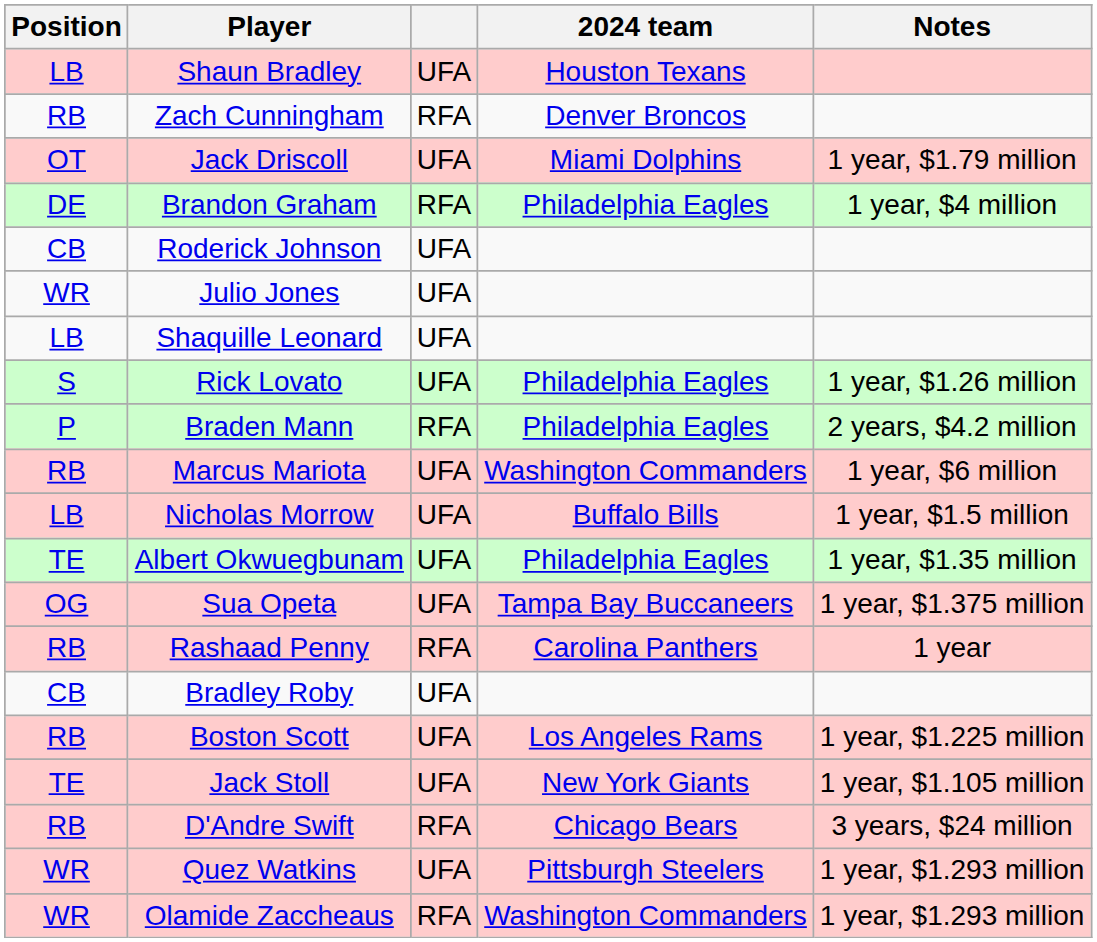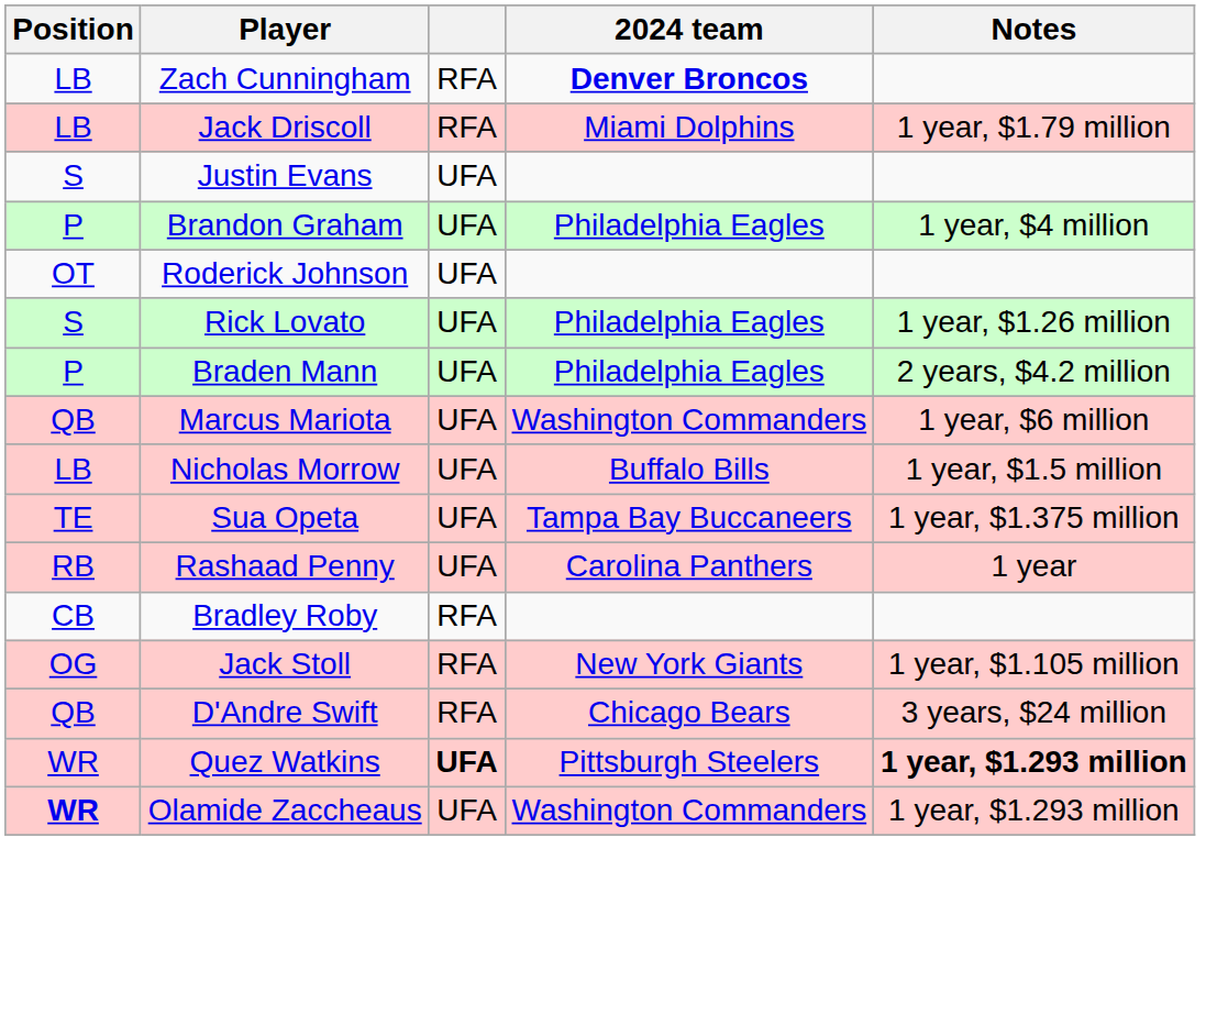 <table class="wikitable" style="text-align:center">
 <tr>
 <th>Position</th>
 <th>Player</th>
 <th></th>
 <th>2024 team</th>
 <th>Notes</th>
 </tr>
-<tr style="background:#fcc">
+<tr>
 <td><a href='#'>LB</a></td>
-<td><a href='#'>Shaun Bradley</a></td>
-<td>UFA</td>
-<td><a href='#'>Houston Texans</a></td>
-<td></td>
-</tr>
-<tr>
-<td><a href='#'>RB</a></td>
 <td><a href='#'>Zach Cunningham</a></td>
 <td>RFA</td>
-<td><a href='#'>Denver Broncos</a></td>
+<td><strong><a href='#'>Denver Broncos</a></strong></td>
 <td></td>
 </tr>
 <tr style="background:#fcc">
-<td><a href='#'>OT</a></td>
+<td><a href='#'>LB</a></td>
 <td><a href='#'>Jack Driscoll</a></td>
-<td>UFA</td>
+<td>RFA</td>
 <td><a href='#'>Miami Dolphins</a></td>
 <td>1 year, $1.79 million</td>
 </tr>
+<tr>
+<td><a href='#'>S</a></td>
+<td><a href='#'>Justin Evans</a></td>
+<td>UFA</td>
+<td></td>
+<td></td>
+</tr>
 <tr style="background:#cfc">
-<td><a href='#'>DE</a></td>
+<td><a href='#'>P</a></td>
 <td><a href='#'>Brandon Graham</a></td>
-<td>RFA</td>
+<td>UFA</td>
 <td><a href='#'>Philadelphia Eagles</a></td>
 <td>1 year, $4 million</td>
 </tr>
 <tr>
-<td><a href='#'>CB</a></td>
+<td><a href='#'>OT</a></td>
 <td><a href='#'>Roderick Johnson</a></td>
-<td>UFA</td>
-<td></td>
-<td></td>
-</tr>
-<tr>
-<td><a href='#'>WR</a></td>
-<td><a href='#'>Julio Jones</a></td>
-<td>UFA</td>
-<td></td>
-<td></td>
-</tr>
-<tr>
-<td><a href='#'>LB</a></td>
-<td><a href='#'>Shaquille Leonard</a></td>
 <td>UFA</td>
 <td></td>
 <td></td>
 </tr>
 <tr style="background:#cfc">
 <td><a href='#'>S</a></td>
 <td><a href='#'>Rick Lovato</a></td>
 <td>UFA</td>
 <td><a href='#'>Philadelphia Eagles</a></td>
 <td>1 year, $1.26 million</td>
 </tr>
 <tr style="background:#cfc">
 <td><a href='#'>P</a></td>
 <td><a href='#'>Braden Mann</a></td>
-<td>RFA</td>
+<td>UFA</td>
 <td><a href='#'>Philadelphia Eagles</a></td>
 <td>2 years, $4.2 million</td>
 </tr>
 <tr style="background:#fcc">
-<td><a href='#'>RB</a></td>
+<td><a href='#'>QB</a></td>
 <td><a href='#'>Marcus Mariota</a></td>
 <td>UFA</td>
 <td><a href='#'>Washington Commanders</a></td>
 <td>1 year, $6 million</td>
 </tr>
 <tr style="background:#fcc">
 <td><a href='#'>LB</a></td>
 <td><a href='#'>Nicholas Morrow</a></td>
 <td>UFA</td>
 <td><a href='#'>Buffalo Bills</a></td>
 <td>1 year, $1.5 million</td>
 </tr>
-<tr style="background:#cfc">
+<tr style="background:#fcc">
 <td><a href='#'>TE</a></td>
-<td><a href='#'>Albert Okwuegbunam</a></td>
-<td>UFA</td>
-<td><a href='#'>Philadelphia Eagles</a></td>
-<td>1 year, $1.35 million</td>
-</tr>
-<tr style="background:#fcc">
-<td><a href='#'>OG</a></td>
 <td><a href='#'>Sua Opeta</a></td>
 <td>UFA</td>
 <td><a href='#'>Tampa Bay Buccaneers</a></td>
 <td>1 year, $1.375 million</td>
 </tr>
 <tr style="background:#fcc">
 <td><a href='#'>RB</a></td>
 <td><a href='#'>Rashaad Penny</a></td>
-<td>RFA</td>
+<td>UFA</td>
 <td><a href='#'>Carolina Panthers</a></td>
 <td>1 year</td>
 </tr>
 <tr>
 <td><a href='#'>CB</a></td>
 <td><a href='#'>Bradley Roby</a></td>
-<td>UFA</td>
+<td>RFA</td>
 <td></td>
 <td></td>
 </tr>
 <tr style="background:#fcc">
-<td><a href='#'>RB</a></td>
-<td><a href='#'>Boston Scott</a></td>
-<td>UFA</td>
-<td><a href='#'>Los Angeles Rams</a></td>
-<td>1 year, $1.225 million</td>
-</tr>
-<tr style="background:#fcc">
-<td><a href='#'>TE</a></td>
+<td><a href='#'>OG</a></td>
 <td><a href='#'>Jack Stoll</a></td>
-<td>UFA</td>
+<td>RFA</td>
 <td><a href='#'>New York Giants</a></td>
 <td>1 year, $1.105 million</td>
 </tr>
 <tr style="background:#fcc">
-<td><a href='#'>RB</a></td>
+<td><a href='#'>QB</a></td>
 <td><a href='#'>D'Andre Swift</a></td>
 <td>RFA</td>
 <td><a href='#'>Chicago Bears</a></td>
 <td>3 years, $24 million</td>
 </tr>
 <tr style="background:#fcc">
 <td><a href='#'>WR</a></td>
 <td><a href='#'>Quez Watkins</a></td>
-<td>UFA</td>
+<td><strong>UFA</strong></td>
 <td><a href='#'>Pittsburgh Steelers</a></td>
-<td>1 year, $1.293 million</td>
+<td><strong>1 year, $1.293 million</strong></td>
 </tr>
 <tr style="background:#fcc">
-<td><a href='#'>WR</a></td>
+<td><strong><a href='#'>WR</a></strong></td>
 <td><a href='#'>Olamide Zaccheaus</a></td>
-<td>RFA</td>
+<td>UFA</td>
 <td><a href='#'>Washington Commanders</a></td>
 <td>1 year, $1.293 million</td>
 </tr>
 </table>
